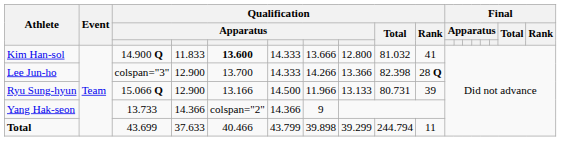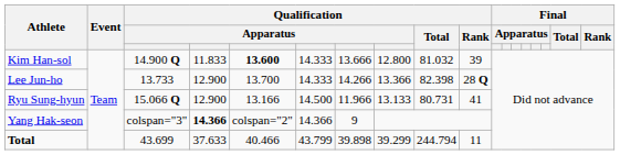 <table class="wikitable" style="font-size:90%; text-align:center">
 <tr>
 <th rowspan="3">Athlete</th>
 <th rowspan="3">Event</th>
 <th colspan="8">Qualification</th>
 <th colspan="8">Final</th>
 </tr>
 <tr style="font-size:95%">
 <th colspan="6">Apparatus</th>
 <th rowspan="2">Total</th>
 <th rowspan="2">Rank</th>
 <th colspan="6">Apparatus</th>
 <th rowspan="2">Total</th>
 <th rowspan="2">Rank</th>
 </tr>
 <tr style="font-size:95%">
 <th></th>
 <th></th>
 <th></th>
 <th></th>
 <th></th>
 <th></th>
 <th></th>
 <th></th>
 <th></th>
 <th></th>
 <th></th>
 <th></th>
 </tr>
 <tr>
 <td style="text-align:left"><a href='#'>Kim Han-sol</a></td>
 <td rowspan="5" style="text-align:left"><a href='#'>Team</a></td>
 <td>14.900 <strong>Q</strong></td>
 <td>11.833</td>
 <td><strong>13.600</strong></td>
 <td>14.333</td>
 <td>13.666</td>
 <td>12.800</td>
 <td>81.032</td>
-<td>41</td>
+<td>39</td>
 <td rowspan="5" colspan="8">Did not advance</td>
 </tr>
 <tr>
 <td style="text-align:left"><a href='#'>Lee Jun-ho</a></td>
-<td>colspan="3" </td>
+<td>13.733</td>
 <td>12.900</td>
 <td>13.700</td>
 <td>14.333</td>
 <td>14.266</td>
 <td>13.366</td>
 <td>82.398</td>
 <td>28 <strong>Q</strong></td>
 </tr>
 <tr>
 <td style="text-align:left"><a href='#'>Ryu Sung-hyun</a></td>
 <td>15.066 <strong>Q</strong></td>
 <td>12.900</td>
 <td>13.166</td>
 <td>14.500</td>
 <td>11.966</td>
 <td>13.133</td>
 <td>80.731</td>
-<td>39</td>
+<td>41</td>
 </tr>
 <tr>
 <td style="text-align:left"><a href='#'>Yang Hak-seon</a></td>
-<td>13.733</td>
-<td>14.366</td>
+<td>colspan="3" </td>
+<td><strong>14.366</strong></td>
 <td>colspan="2" </td>
 <td>14.366</td>
 <td>9</td>
 </tr>
 <tr>
 <td style="text-align:left"><strong>Total</strong></td>
 <td>43.699</td>
 <td>37.633</td>
 <td>40.466</td>
 <td>43.799</td>
 <td>39.898</td>
 <td>39.299</td>
 <td>244.794</td>
 <td>11</td>
 </tr>
 </table>
